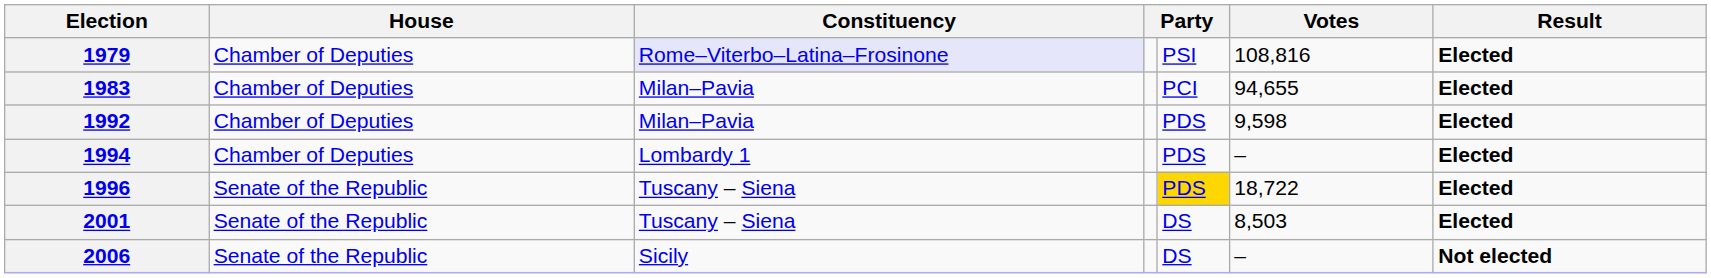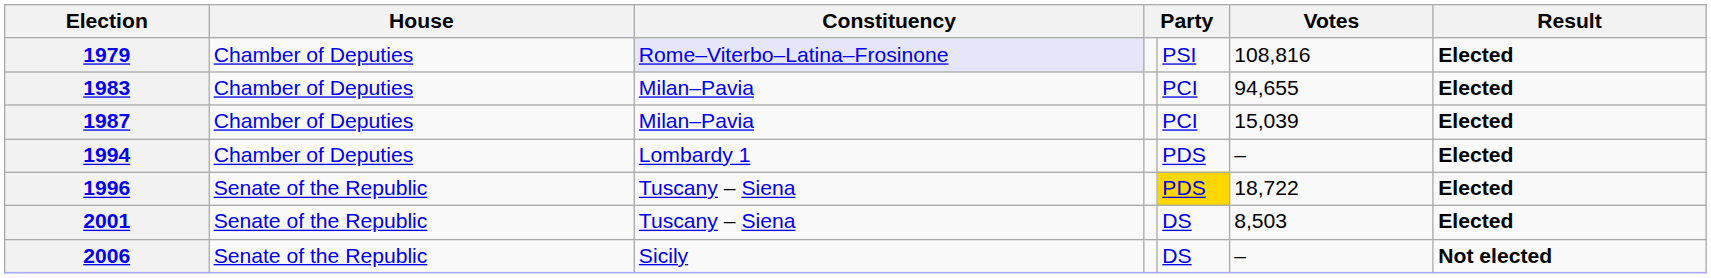 <table class=wikitable style="width:65%; border:1px #AAAAFF solid">
 <tr>
 <th width=12%>Election</th>
 <th width=25%>House</th>
 <th width=30%>Constituency</th>
 <th width=5% colspan="2">Party</th>
 <th width=12%>Votes</th>
 <th width=25%>Result</th>
 </tr>
 <tr>
 <th><a href='#'>1979</a></th>
 <td><a href='#'>Chamber of Deputies</a></td>
 <td style="background: lavender;"><a href='#'>Rome–Viterbo–Latina–Frosinone</a></td>
 <td></td>
 <td><a href='#'>PSI</a></td>
 <td>108,816</td>
 <td> <strong>Elected</strong></td>
 </tr>
 <tr>
 <th><a href='#'>1983</a></th>
 <td><a href='#'>Chamber of Deputies</a></td>
 <td><a href='#'>Milan–Pavia</a></td>
 <td></td>
 <td><a href='#'>PCI</a></td>
 <td>94,655</td>
 <td> <strong>Elected</strong></td>
 </tr>
 <tr>
-<th><a href='#'>1992</a></th>
+<th><a href='#'>1987</a></th>
 <td><a href='#'>Chamber of Deputies</a></td>
 <td><a href='#'>Milan–Pavia</a></td>
 <td></td>
-<td><a href='#'>PDS</a></td>
-<td>9,598</td>
+<td><a href='#'>PCI</a></td>
+<td>15,039</td>
 <td> <strong>Elected</strong></td>
 </tr>
 <tr>
 <th><a href='#'>1994</a></th>
 <td><a href='#'>Chamber of Deputies</a></td>
 <td><a href='#'>Lombardy 1</a></td>
 <td></td>
 <td><a href='#'>PDS</a></td>
 <td>–</td>
 <td> <strong>Elected</strong></td>
 </tr>
 <tr>
 <th><a href='#'>1996</a></th>
 <td><a href='#'>Senate of the Republic</a></td>
 <td><a href='#'>Tuscany</a> – <a href='#'>Siena</a></td>
 <td></td>
 <td style="background: gold;"><a href='#'>PDS</a></td>
 <td>18,722</td>
 <td> <strong>Elected</strong></td>
 </tr>
 <tr>
 <th><a href='#'>2001</a></th>
 <td><a href='#'>Senate of the Republic</a></td>
 <td><a href='#'>Tuscany</a> – <a href='#'>Siena</a></td>
 <td></td>
 <td><a href='#'>DS</a></td>
 <td>8,503</td>
 <td> <strong>Elected</strong></td>
 </tr>
 <tr>
 <th><a href='#'>2006</a></th>
 <td><a href='#'>Senate of the Republic</a></td>
 <td><a href='#'>Sicily</a></td>
 <td></td>
 <td><a href='#'>DS</a></td>
 <td>–</td>
 <td> <strong>Not elected</strong></td>
 </tr>
 <tr>
 </tr>
 </table>
